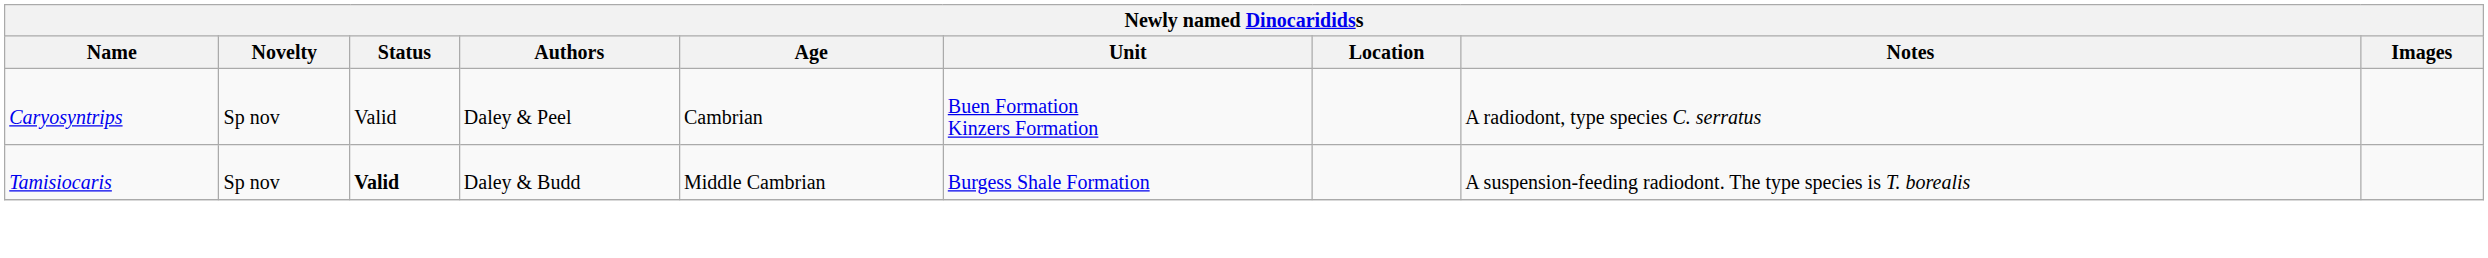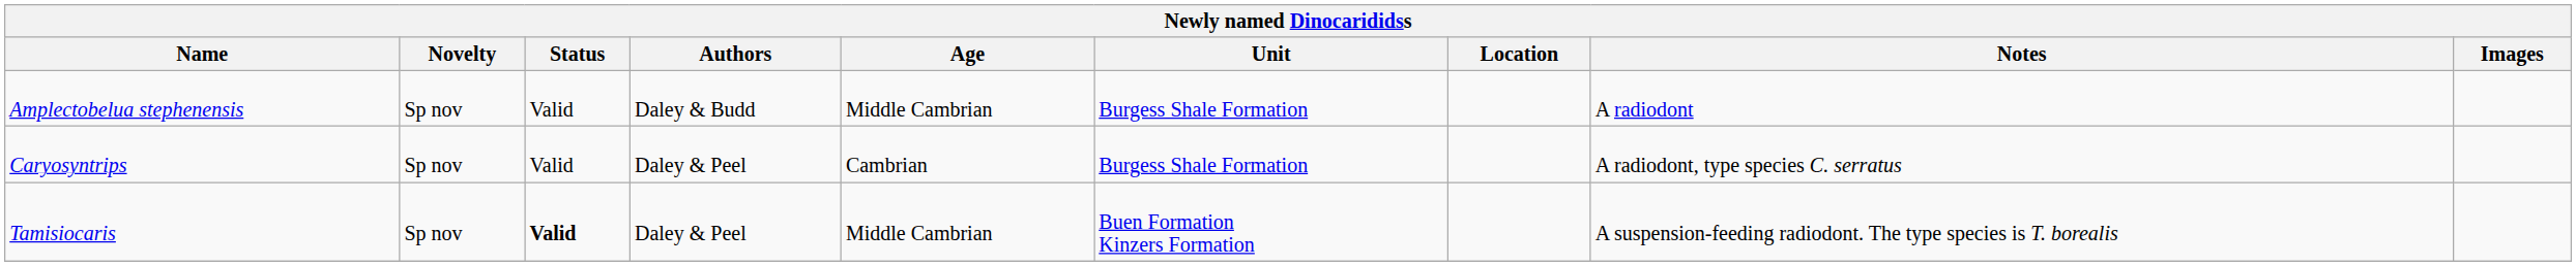 <table class="wikitable sortable" align="center" width="100%">
 <tr>
 <th colspan="9" align="center"><strong>Newly named <a href='#'>Dinocaridids</a>s</strong></th>
 </tr>
 <tr>
 <th>Name</th>
 <th>Novelty</th>
 <th>Status</th>
 <th>Authors</th>
 <th>Age</th>
 <th>Unit</th>
 <th>Location</th>
 <th>Notes</th>
 <th>Images</th>
 </tr>
 <tr>
+<td><br><em><a href='#'>Amplectobelua stephenensis</a></em></td>
+<td><br>Sp nov</td>
+<td><br>Valid</td>
+<td><br>Daley & Budd</td>
+<td><br>Middle Cambrian</td>
+<td><br><a href='#'>Burgess Shale Formation</a></td>
+<td><br></td>
+<td><br>A <a href='#'>radiodont</a></td>
+<td><br></td>
+</tr>
+<tr>
 <td><br><em><a href='#'>Caryosyntrips</a></em></td>
 <td><br>Sp nov</td>
 <td><br>Valid</td>
 <td><br>Daley & Peel</td>
 <td><br>Cambrian</td>
-<td><br><a href='#'>Buen Formation</a><br> <a href='#'>Kinzers Formation</a></td>
+<td><br><a href='#'>Burgess Shale Formation</a></td>
 <td><br></td>
 <td><br>A radiodont, type species <em>C. serratus</em></td>
 <td><br></td>
 </tr>
 <tr>
 <td><br><em><a href='#'>Tamisiocaris</a></em></td>
 <td><br>Sp nov</td>
 <td><strong><br>Valid</strong></td>
-<td><br>Daley & Budd</td>
+<td><br>Daley & Peel</td>
 <td><br>Middle Cambrian</td>
-<td><br><a href='#'>Burgess Shale Formation</a></td>
+<td><br><a href='#'>Buen Formation</a><br> <a href='#'>Kinzers Formation</a></td>
 <td><br><br> </td>
 <td><br>A suspension-feeding radiodont. The type species is <em>T. borealis</em></td>
 <td><br></td>
 </tr>
 <tr>
 </tr>
 </table>
